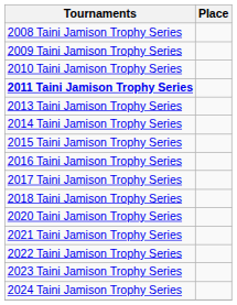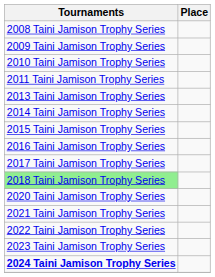 <table class="wikitable collapsible">
 <tr>
 <th>Tournaments</th>
 <th>Place</th>
 </tr>
 <tr>
 <td><a href='#'>2008 Taini Jamison Trophy Series</a></td>
 <td></td>
 </tr>
 <tr>
 <td><a href='#'>2009 Taini Jamison Trophy Series</a></td>
 <td></td>
 </tr>
 <tr>
 <td><a href='#'>2010 Taini Jamison Trophy Series</a></td>
 <td></td>
 </tr>
 <tr>
-<td><strong><a href='#'>2011 Taini Jamison Trophy Series</a></strong></td>
+<td><a href='#'>2011 Taini Jamison Trophy Series</a></td>
 <td></td>
 </tr>
 <tr>
 <td><a href='#'>2013 Taini Jamison Trophy Series</a></td>
 <td></td>
 </tr>
 <tr>
 <td><a href='#'>2014 Taini Jamison Trophy Series</a></td>
 <td></td>
 </tr>
 <tr>
 <td><a href='#'>2015 Taini Jamison Trophy Series</a></td>
 <td></td>
 </tr>
 <tr>
 <td><a href='#'>2016 Taini Jamison Trophy Series</a></td>
 <td></td>
 </tr>
 <tr>
 <td><a href='#'>2017 Taini Jamison Trophy Series</a></td>
 <td></td>
 </tr>
 <tr>
-<td><a href='#'>2018 Taini Jamison Trophy Series</a></td>
+<td style="background: lightgreen;"><a href='#'>2018 Taini Jamison Trophy Series</a></td>
 <td></td>
 </tr>
 <tr>
 <td><a href='#'>2020 Taini Jamison Trophy Series</a></td>
 <td></td>
 </tr>
 <tr>
 <td><a href='#'>2021 Taini Jamison Trophy Series</a></td>
 <td></td>
 </tr>
 <tr>
 <td><a href='#'>2022 Taini Jamison Trophy Series</a></td>
 <td></td>
 </tr>
 <tr>
 <td><a href='#'>2023 Taini Jamison Trophy Series</a></td>
 <td></td>
 </tr>
 <tr>
-<td><a href='#'>2024 Taini Jamison Trophy Series</a></td>
+<td><strong><a href='#'>2024 Taini Jamison Trophy Series</a></strong></td>
 <td></td>
 </tr>
 <tr>
 </tr>
 </table>
